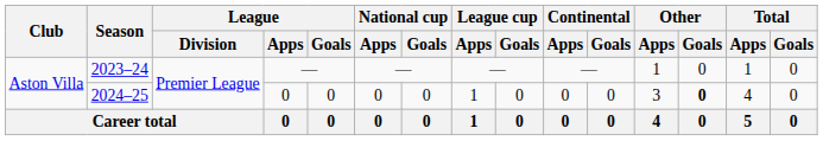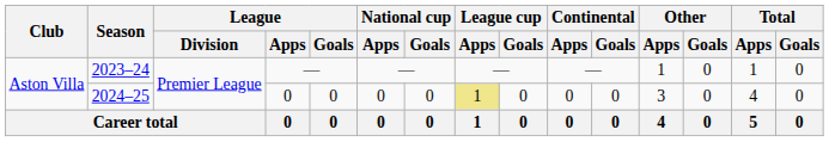 <table class="wikitable" style="text-align:center">
 <tr>
 <th rowspan="2">Club</th>
 <th rowspan="2">Season</th>
 <th colspan="3">League</th>
 <th colspan="2">National cup</th>
 <th colspan="2">League cup</th>
 <th colspan="2">Continental</th>
 <th colspan="2">Other</th>
 <th colspan="2">Total</th>
 </tr>
 <tr>
 <th>Division</th>
 <th>Apps</th>
 <th>Goals</th>
 <th>Apps</th>
 <th>Goals</th>
 <th>Apps</th>
 <th>Goals</th>
 <th>Apps</th>
 <th>Goals</th>
 <th>Apps</th>
 <th>Goals</th>
 <th>Apps</th>
 <th>Goals</th>
 </tr>
 <tr>
 <td rowspan="2"><a href='#'>Aston Villa</a></td>
 <td><a href='#'>2023–24</a></td>
 <td rowspan="2"><a href='#'>Premier League</a></td>
 <td colspan="2">—</td>
 <td colspan="2">—</td>
 <td colspan="2">—</td>
 <td colspan="2">—</td>
 <td>1</td>
 <td>0</td>
 <td>1</td>
 <td>0</td>
 </tr>
 <tr>
 <td><a href='#'>2024–25</a></td>
 <td>0</td>
 <td>0</td>
 <td>0</td>
 <td>0</td>
-<td>1</td>
+<td style="background: khaki;">1</td>
 <td>0</td>
 <td>0</td>
 <td>0</td>
 <td>3</td>
-<td><strong>0</strong></td>
+<td>0</td>
 <td>4</td>
 <td>0</td>
 </tr>
 <tr>
 <th colspan="3">Career total</th>
 <th>0</th>
 <th>0</th>
 <th>0</th>
 <th>0</th>
 <th>1</th>
 <th>0</th>
 <th>0</th>
 <th>0</th>
 <th>4</th>
 <th>0</th>
 <th>5</th>
 <th>0</th>
 </tr>
 </table>
